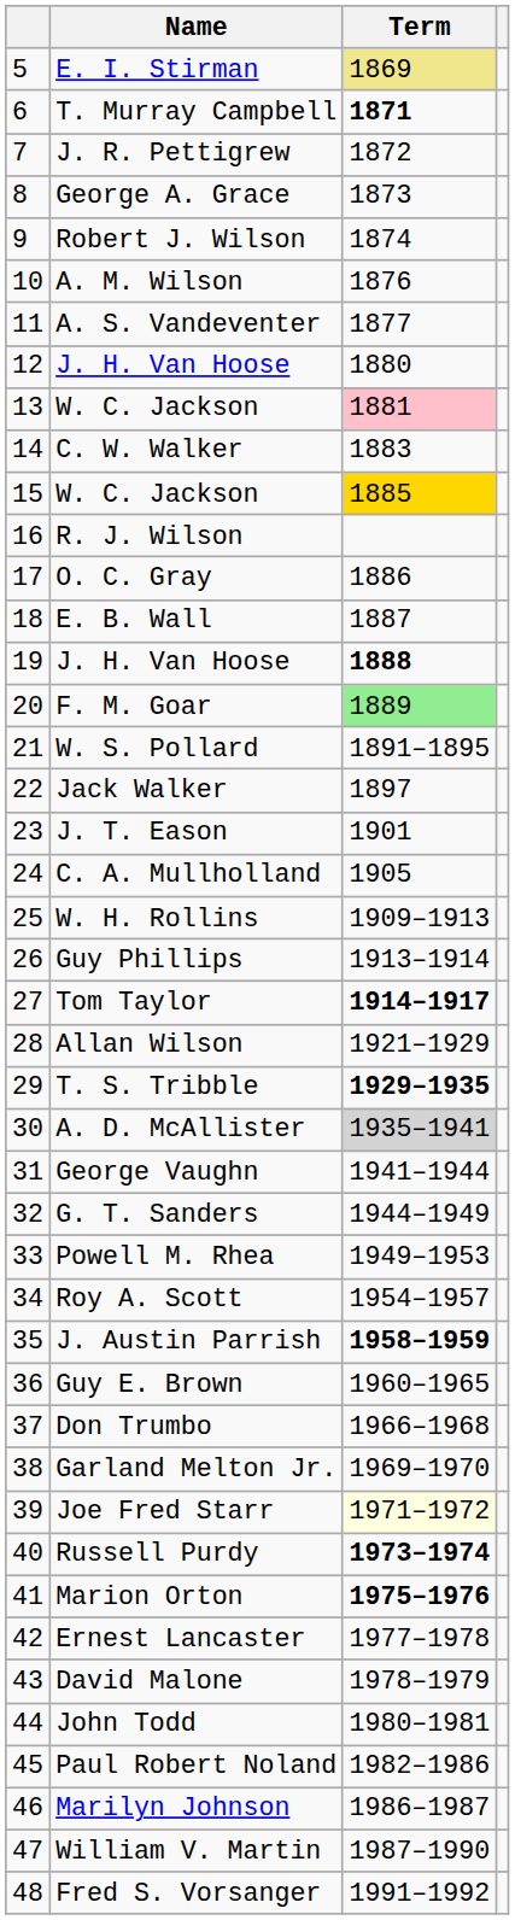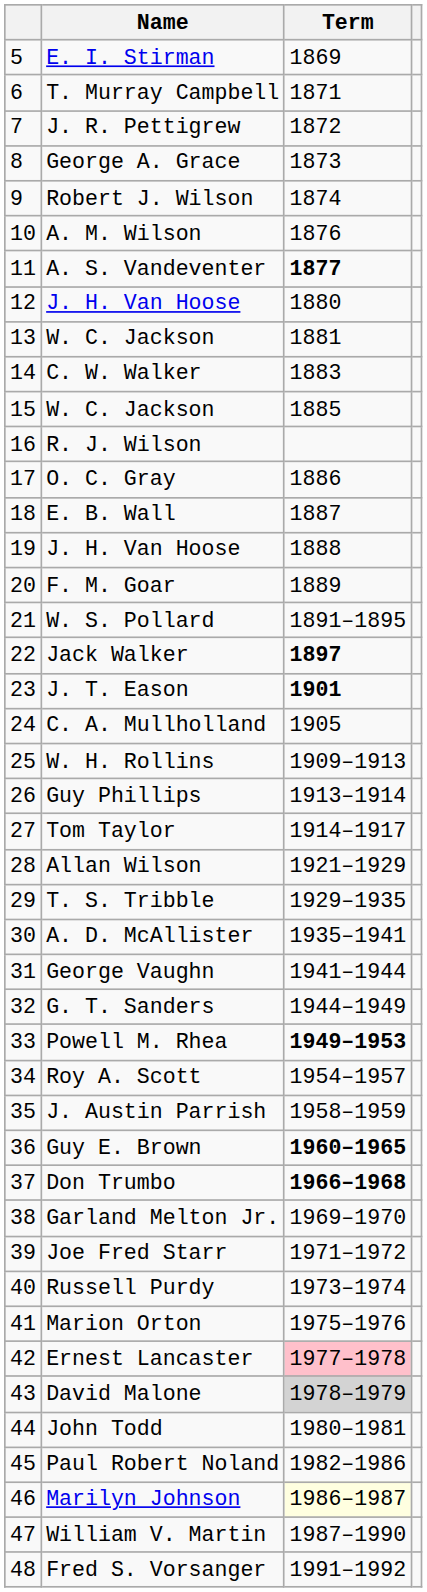 <table class="wikitable sortable">
 <tr>
 <th></th>
 <th>Name</th>
 <th>Term</th>
 <th></th>
 </tr>
 <tr>
 <td>5</td>
 <td><a href='#'>E. I. Stirman</a></td>
-<td style="background: khaki;">1869</td>
+<td>1869</td>
 <td></td>
 </tr>
 <tr>
 <td>6</td>
 <td>T. Murray Campbell</td>
-<td><strong>1871</strong></td>
+<td>1871</td>
 <td></td>
 </tr>
 <tr>
 <td>7</td>
 <td>J. R. Pettigrew</td>
 <td>1872</td>
 <td></td>
 </tr>
 <tr>
 <td>8</td>
 <td>George A. Grace</td>
 <td>1873</td>
 <td></td>
 </tr>
 <tr>
 <td>9</td>
 <td>Robert J. Wilson</td>
 <td>1874</td>
 <td></td>
 </tr>
 <tr>
 <td>10</td>
 <td>A. M. Wilson</td>
 <td>1876</td>
 <td></td>
 </tr>
 <tr>
 <td>11</td>
 <td>A. S. Vandeventer</td>
-<td>1877</td>
+<td><strong>1877</strong></td>
 <td></td>
 </tr>
 <tr>
 <td>12</td>
 <td><a href='#'>J. H. Van Hoose</a></td>
 <td>1880</td>
 <td></td>
 </tr>
 <tr>
 <td>13</td>
 <td>W. C. Jackson</td>
-<td style="background: pink;">1881</td>
+<td>1881</td>
 <td></td>
 </tr>
 <tr>
 <td>14</td>
 <td>C. W. Walker</td>
 <td>1883</td>
 <td></td>
 </tr>
 <tr>
 <td>15</td>
 <td>W. C. Jackson</td>
-<td style="background: gold;">1885</td>
+<td>1885</td>
 <td></td>
 </tr>
 <tr>
 <td>16</td>
 <td>R. J. Wilson</td>
 <td></td>
 <td></td>
 </tr>
 <tr>
 <td>17</td>
 <td>O. C. Gray</td>
 <td>1886</td>
 <td></td>
 </tr>
 <tr>
 <td>18</td>
 <td>E. B. Wall</td>
 <td>1887</td>
 <td></td>
 </tr>
 <tr>
 <td>19</td>
 <td>J. H. Van Hoose</td>
-<td><strong>1888</strong></td>
+<td>1888</td>
 <td></td>
 </tr>
 <tr>
 <td>20</td>
 <td>F. M. Goar</td>
-<td style="background: lightgreen;">1889</td>
+<td>1889</td>
 <td></td>
 </tr>
 <tr>
 <td>21</td>
 <td>W. S. Pollard</td>
 <td>1891–1895</td>
 <td></td>
 </tr>
 <tr>
 <td>22</td>
 <td>Jack Walker</td>
-<td>1897</td>
+<td><strong>1897</strong></td>
 <td></td>
 </tr>
 <tr>
 <td>23</td>
 <td>J. T. Eason</td>
-<td>1901</td>
+<td><strong>1901</strong></td>
 <td></td>
 </tr>
 <tr>
 <td>24</td>
 <td>C. A. Mullholland</td>
 <td>1905</td>
 <td></td>
 </tr>
 <tr>
 <td>25</td>
 <td>W. H. Rollins</td>
 <td>1909–1913</td>
 <td></td>
 </tr>
 <tr>
 <td>26</td>
 <td>Guy Phillips</td>
 <td>1913–1914</td>
 <td></td>
 </tr>
 <tr>
 <td>27</td>
 <td>Tom Taylor </td>
-<td><strong>1914–1917</strong></td>
+<td>1914–1917</td>
 <td></td>
 </tr>
 <tr>
 <td>28</td>
 <td>Allan Wilson</td>
 <td>1921–1929</td>
 <td></td>
 </tr>
 <tr>
 <td>29</td>
 <td>T. S. Tribble</td>
-<td><strong>1929–1935</strong></td>
+<td>1929–1935</td>
 <td></td>
 </tr>
 <tr>
 <td>30</td>
 <td>A. D. McAllister</td>
-<td style="background: lightgrey;">1935–1941</td>
+<td>1935–1941</td>
 <td></td>
 </tr>
 <tr>
 <td>31</td>
 <td>George Vaughn</td>
 <td>1941–1944</td>
 <td></td>
 </tr>
 <tr>
 <td>32</td>
 <td>G. T. Sanders</td>
 <td>1944–1949</td>
 <td></td>
 </tr>
 <tr>
 <td>33</td>
 <td>Powell M. Rhea</td>
-<td>1949–1953</td>
+<td><strong>1949–1953</strong></td>
 <td></td>
 </tr>
 <tr>
 <td>34</td>
 <td>Roy A. Scott</td>
 <td>1954–1957</td>
 <td></td>
 </tr>
 <tr>
 <td>35</td>
 <td>J. Austin Parrish</td>
-<td><strong>1958–1959</strong></td>
+<td>1958–1959</td>
 <td></td>
 </tr>
 <tr>
 <td>36</td>
 <td>Guy E. Brown</td>
-<td>1960–1965</td>
+<td><strong>1960–1965</strong></td>
 <td></td>
 </tr>
 <tr>
 <td>37</td>
 <td>Don Trumbo</td>
-<td>1966–1968</td>
+<td><strong>1966–1968</strong></td>
 <td></td>
 </tr>
 <tr>
 <td>38</td>
 <td>Garland Melton Jr.</td>
 <td>1969–1970</td>
 <td></td>
 </tr>
 <tr>
 <td>39</td>
 <td>Joe Fred Starr</td>
-<td style="background: lightyellow;">1971–1972</td>
+<td>1971–1972</td>
 <td></td>
 </tr>
 <tr>
 <td>40</td>
 <td>Russell Purdy</td>
-<td><strong>1973–1974</strong></td>
+<td>1973–1974</td>
 <td></td>
 </tr>
 <tr>
 <td>41</td>
 <td>Marion Orton</td>
-<td><strong>1975–1976</strong></td>
+<td>1975–1976</td>
 <td></td>
 </tr>
 <tr>
 <td>42</td>
 <td>Ernest Lancaster</td>
-<td>1977–1978</td>
+<td style="background: pink;">1977–1978</td>
 <td></td>
 </tr>
 <tr>
 <td>43</td>
 <td>David Malone</td>
-<td>1978–1979</td>
+<td style="background: lightgrey;">1978–1979</td>
 <td></td>
 </tr>
 <tr>
 <td>44</td>
 <td>John Todd</td>
 <td>1980–1981</td>
 <td></td>
 </tr>
 <tr>
 <td>45</td>
 <td>Paul Robert Noland</td>
 <td>1982–1986</td>
 <td></td>
 </tr>
 <tr>
 <td>46</td>
 <td><a href='#'>Marilyn Johnson</a></td>
-<td>1986–1987</td>
+<td style="background: lightyellow;">1986–1987</td>
 <td></td>
 </tr>
 <tr>
 <td>47</td>
 <td>William V. Martin</td>
 <td>1987–1990</td>
 <td></td>
 </tr>
 <tr>
 <td>48</td>
 <td>Fred S. Vorsanger</td>
 <td>1991–1992</td>
 <td></td>
 </tr>
 </table>
